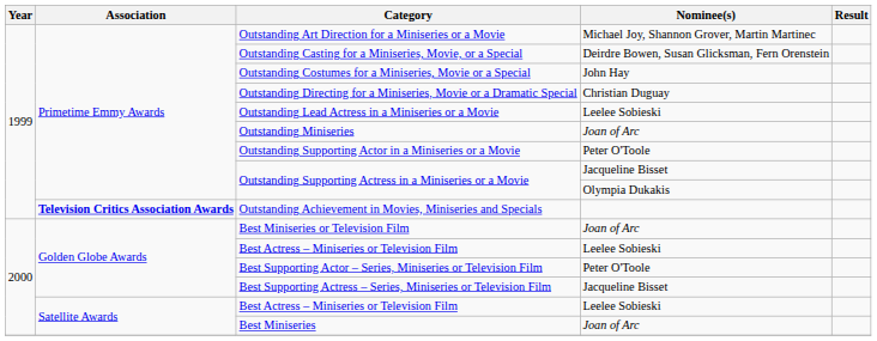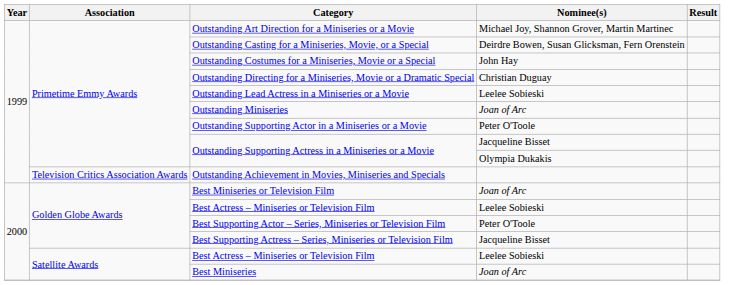 <table class="wikitable sortable">
 <tr>
 <th>Year</th>
 <th>Association</th>
 <th>Category</th>
 <th>Nominee(s)</th>
 <th>Result</th>
 </tr>
 <tr>
 <td rowspan="10">1999</td>
 <td rowspan="9"><a href='#'>Primetime Emmy Awards</a></td>
 <td><a href='#'>Outstanding Art Direction for a Miniseries or a Movie</a></td>
 <td>Michael Joy, Shannon Grover, Martin Martinec</td>
 <td></td>
 </tr>
 <tr>
 <td><a href='#'>Outstanding Casting for a Miniseries, Movie, or a Special</a></td>
 <td>Deirdre Bowen, Susan Glicksman, Fern Orenstein</td>
 <td></td>
 </tr>
 <tr>
 <td><a href='#'>Outstanding Costumes for a Miniseries, Movie or a Special</a></td>
 <td>John Hay</td>
 <td></td>
 </tr>
 <tr>
 <td><a href='#'>Outstanding Directing for a Miniseries, Movie or a Dramatic Special</a></td>
 <td>Christian Duguay</td>
 <td></td>
 </tr>
 <tr>
 <td><a href='#'>Outstanding Lead Actress in a Miniseries or a Movie</a></td>
 <td>Leelee Sobieski</td>
 <td></td>
 </tr>
 <tr>
 <td><a href='#'>Outstanding Miniseries</a></td>
 <td><em>Joan of Arc</em></td>
 <td></td>
 </tr>
 <tr>
 <td><a href='#'>Outstanding Supporting Actor in a Miniseries or a Movie</a></td>
 <td>Peter O'Toole</td>
 <td></td>
 </tr>
 <tr>
 <td rowspan="2"><a href='#'>Outstanding Supporting Actress in a Miniseries or a Movie</a></td>
 <td>Jacqueline Bisset</td>
 <td></td>
 </tr>
 <tr>
 <td>Olympia Dukakis</td>
 <td></td>
 </tr>
 <tr>
-<td><strong><a href='#'>Television Critics Association Awards</a></strong></td>
+<td><a href='#'>Television Critics Association Awards</a></td>
 <td><a href='#'>Outstanding Achievement in Movies, Miniseries and Specials</a></td>
 <td></td>
 <td></td>
 </tr>
 <tr>
 <td rowspan="6">2000</td>
 <td rowspan="4"><a href='#'>Golden Globe Awards</a></td>
 <td><a href='#'>Best Miniseries or Television Film</a></td>
 <td><em>Joan of Arc</em></td>
 <td></td>
 </tr>
 <tr>
 <td><a href='#'>Best Actress – Miniseries or Television Film</a></td>
 <td>Leelee Sobieski</td>
 <td></td>
 </tr>
 <tr>
 <td><a href='#'>Best Supporting Actor – Series, Miniseries or Television Film</a></td>
 <td>Peter O'Toole</td>
 <td></td>
 </tr>
 <tr>
 <td><a href='#'>Best Supporting Actress – Series, Miniseries or Television Film</a></td>
 <td>Jacqueline Bisset</td>
 <td></td>
 </tr>
 <tr>
 <td rowspan="2"><a href='#'>Satellite Awards</a></td>
 <td><a href='#'>Best Actress – Miniseries or Television Film</a></td>
 <td>Leelee Sobieski</td>
 <td></td>
 </tr>
 <tr>
 <td><a href='#'>Best Miniseries</a></td>
 <td><em>Joan of Arc</em></td>
 <td></td>
 </tr>
 <tr>
 </tr>
 </table>
